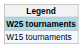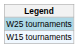 <table class="wikitable" style="font-size:85%">
 <tr>
 <th>Legend</th>
 </tr>
 <tr style="background:lightblue;">
-<td><strong>W25 tournaments</strong></td>
+<td>W25 tournaments</td>
 </tr>
 <tr style="background:#f0f8ff;">
 <td>W15 tournaments</td>
 </tr>
 </table>
